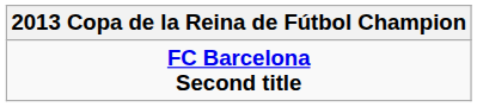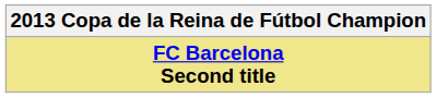 <table class=wikitable style="text-align:center; margin:auto">
 <tr>
 <th>2013 Copa de la Reina de Fútbol Champion</th>
 </tr>
 <tr>
-<td> <strong><a href='#'>FC Barcelona</a></strong> <br> <strong>Second title</strong></td>
+<td style="background: khaki;"> <strong><a href='#'>FC Barcelona</a></strong> <br> <strong>Second title</strong></td>
 </tr>
 </table>
